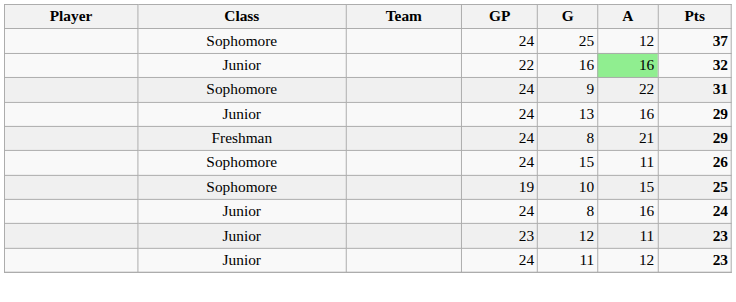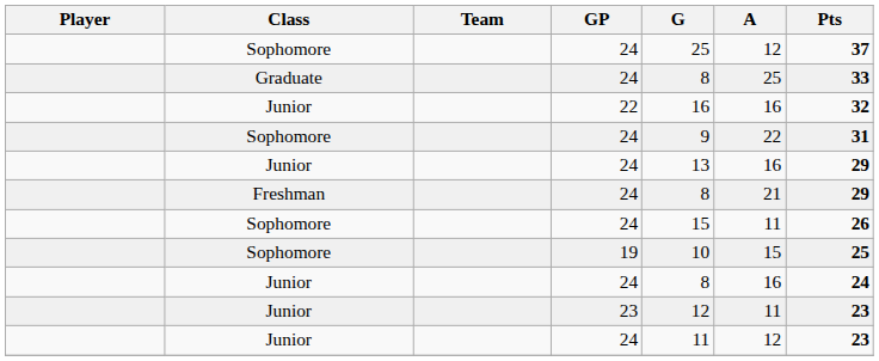 <table class="wikitable sortable" style="text-align: center; "width=60%">
 <tr>
 <th>Player</th>
 <th>Class</th>
 <th>Team</th>
 <th>GP</th>
 <th>G</th>
 <th>A</th>
 <th>Pts</th>
 </tr>
 <tr>
 <td style="text-align: left"></td>
 <td>Sophomore</td>
 <td><strong><a href='#'></a></strong></td>
 <td style="text-align: right">24</td>
 <td style="text-align: right">25</td>
 <td style="text-align: right">12</td>
 <td style="text-align: right"><strong>37</strong></td>
 </tr>
+<tr bgcolor=f0f0f0>
+<td style="text-align: left"></td>
+<td>Graduate</td>
+<td><strong><a href='#'></a></strong></td>
+<td style="text-align: right">24</td>
+<td style="text-align: right">8</td>
+<td style="text-align: right">25</td>
+<td style="text-align: right"><strong>33</strong></td>
+</tr>
 <tr>
 <td style="text-align: left"></td>
 <td>Junior</td>
 <td><strong><a href='#'></a></strong></td>
 <td style="text-align: right">22</td>
 <td style="text-align: right">16</td>
-<td style="background: lightgreen; text-align: right">16</td>
+<td style="text-align: right">16</td>
 <td style="text-align: right"><strong>32</strong></td>
 </tr>
 <tr bgcolor=f0f0f0>
 <td style="text-align: left"></td>
 <td>Sophomore</td>
 <td><strong><a href='#'></a></strong></td>
 <td style="text-align: right">24</td>
 <td style="text-align: right">9</td>
 <td style="text-align: right">22</td>
 <td style="text-align: right"><strong>31</strong></td>
 </tr>
 <tr>
 <td style="text-align: left"></td>
 <td>Junior</td>
 <td><strong><a href='#'></a></strong></td>
 <td style="text-align: right">24</td>
 <td style="text-align: right">13</td>
 <td style="text-align: right">16</td>
 <td style="text-align: right"><strong>29</strong></td>
 </tr>
 <tr bgcolor=f0f0f0>
 <td style="text-align: left"></td>
 <td>Freshman</td>
 <td><strong><a href='#'></a></strong></td>
 <td style="text-align: right">24</td>
 <td style="text-align: right">8</td>
 <td style="text-align: right">21</td>
 <td style="text-align: right"><strong>29</strong></td>
 </tr>
 <tr>
 <td style="text-align: left"></td>
 <td>Sophomore</td>
 <td><strong><a href='#'></a></strong></td>
 <td style="text-align: right">24</td>
 <td style="text-align: right">15</td>
 <td style="text-align: right">11</td>
 <td style="text-align: right"><strong>26</strong></td>
 </tr>
 <tr bgcolor=f0f0f0>
 <td style="text-align: left"></td>
 <td>Sophomore</td>
 <td><strong><a href='#'></a></strong></td>
 <td style="text-align: right">19</td>
 <td style="text-align: right">10</td>
 <td style="text-align: right">15</td>
 <td style="text-align: right"><strong>25</strong></td>
 </tr>
 <tr>
 <td style="text-align: left"></td>
 <td>Junior</td>
 <td><strong><a href='#'></a></strong></td>
 <td style="text-align: right">24</td>
 <td style="text-align: right">8</td>
 <td style="text-align: right">16</td>
 <td style="text-align: right"><strong>24</strong></td>
 </tr>
 <tr bgcolor=f0f0f0>
 <td style="text-align: left"></td>
 <td>Junior</td>
 <td><strong><a href='#'></a></strong></td>
 <td style="text-align: right">23</td>
 <td style="text-align: right">12</td>
 <td style="text-align: right">11</td>
 <td style="text-align: right"><strong>23</strong></td>
 </tr>
 <tr>
 <td style="text-align: left"></td>
 <td>Junior</td>
 <td><strong><a href='#'></a></strong></td>
 <td style="text-align: right">24</td>
 <td style="text-align: right">11</td>
 <td style="text-align: right">12</td>
 <td style="text-align: right"><strong>23</strong></td>
 </tr>
 <tr>
 </tr>
 </table>
